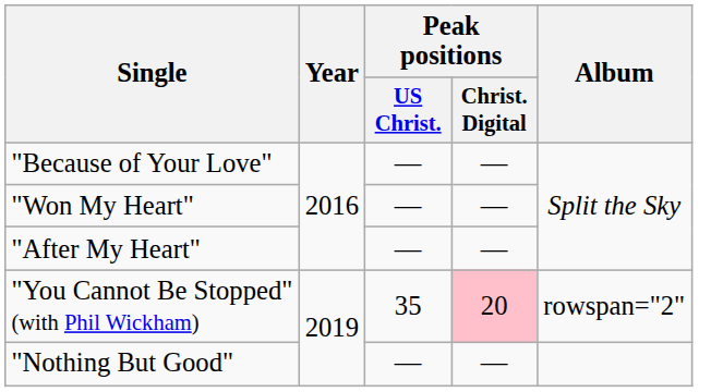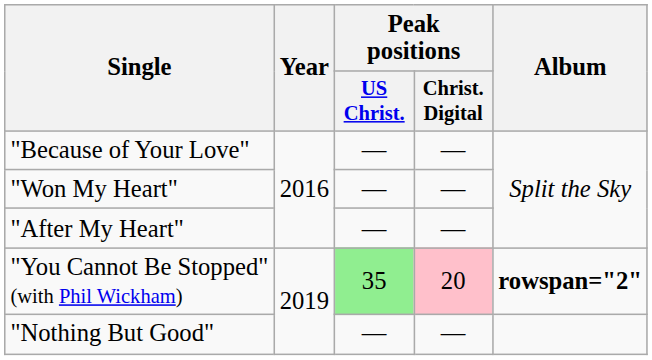 <table class="wikitable" style="text-align:center;">
 <tr>
 <th rowspan="2">Single</th>
 <th rowspan="2">Year</th>
 <th colspan="2">Peak<br>positions</th>
 <th rowspan="2">Album</th>
 </tr>
 <tr style="font-size:smaller;">
 <th width="45"><a href='#'>US Christ.</a><br></th>
 <th width="45">Christ. Digital<br></th>
 </tr>
 <tr>
 <td align="left">"Because of Your Love"</td>
 <td rowspan="3">2016</td>
 <td>—</td>
 <td>—</td>
 <td rowspan="3"><em>Split the Sky</em></td>
 </tr>
 <tr>
 <td align="left">"Won My Heart"</td>
 <td>—</td>
 <td>—</td>
 </tr>
 <tr>
 <td align="left">"After My Heart"</td>
 <td>—</td>
 <td>—</td>
 </tr>
 <tr>
 <td align="left">"You Cannot Be Stopped" <small><br> (with <a href='#'>Phil Wickham</a>)</small></td>
 <td rowspan="2">2019</td>
-<td>35</td>
+<td style="background: lightgreen;">35</td>
 <td style="background: pink;">20</td>
-<td>rowspan="2" </td>
+<td><strong>rowspan="2" </strong></td>
 </tr>
 <tr>
 <td align="left">"Nothing But Good"</td>
 <td>—</td>
 <td>—</td>
 </tr>
 </table>
